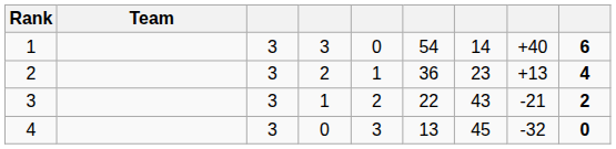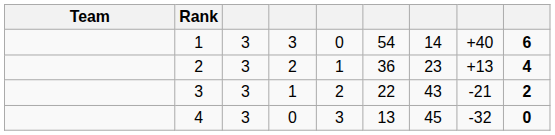 <table class="wikitable" style="text-align:center;">
 <tr>
+<th width=165>Team</th>
 <th width=40>Rank</th>
-<th width=165>Team</th>
 <th width=40></th>
 <th width=40></th>
 <th width=40></th>
 <th width=40></th>
 <th width=40></th>
 <th width=40></th>
 <th width=40></th>
 </tr>
 <tr>
+<td style="text-align:left;"></td>
 <td>1</td>
-<td style="text-align:left;"></td>
 <td>3</td>
 <td>3</td>
 <td>0</td>
 <td>54</td>
 <td>14</td>
 <td>+40</td>
 <td><strong>6</strong></td>
 </tr>
 <tr>
+<td style="text-align:left;"></td>
 <td>2</td>
-<td style="text-align:left;"></td>
 <td>3</td>
 <td>2</td>
 <td>1</td>
 <td>36</td>
 <td>23</td>
 <td>+13</td>
 <td><strong>4</strong></td>
 </tr>
 <tr>
+<td style="text-align:left;"></td>
 <td>3</td>
-<td style="text-align:left;"></td>
 <td>3</td>
 <td>1</td>
 <td>2</td>
 <td>22</td>
 <td>43</td>
 <td>-21</td>
 <td><strong>2</strong></td>
 </tr>
 <tr>
+<td style="text-align:left;"></td>
 <td>4</td>
-<td style="text-align:left;"></td>
 <td>3</td>
 <td>0</td>
 <td>3</td>
 <td>13</td>
 <td>45</td>
 <td>-32</td>
 <td><strong>0</strong></td>
 </tr>
 </table>
